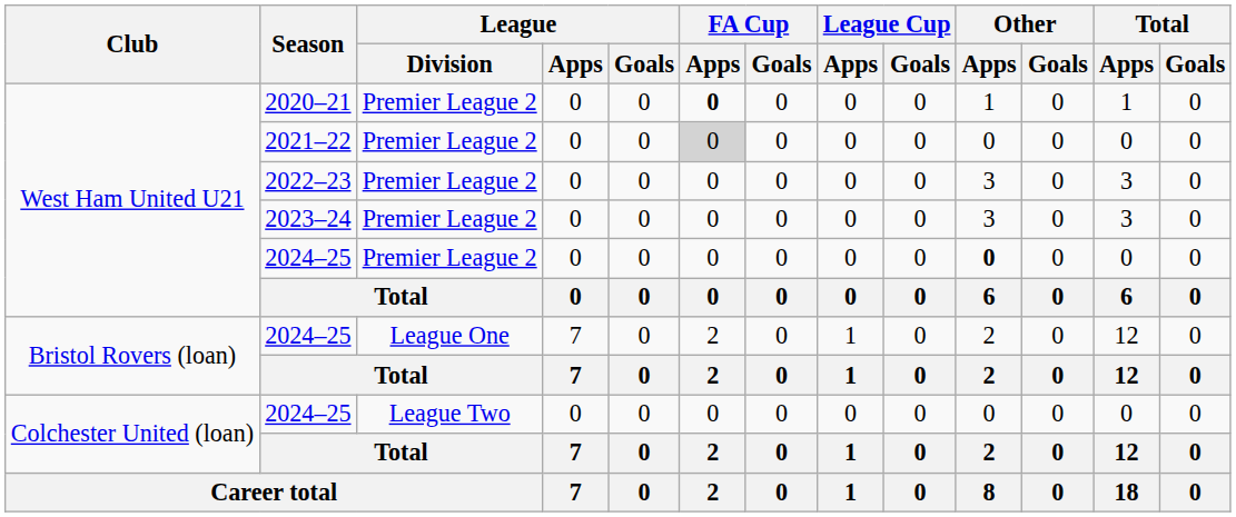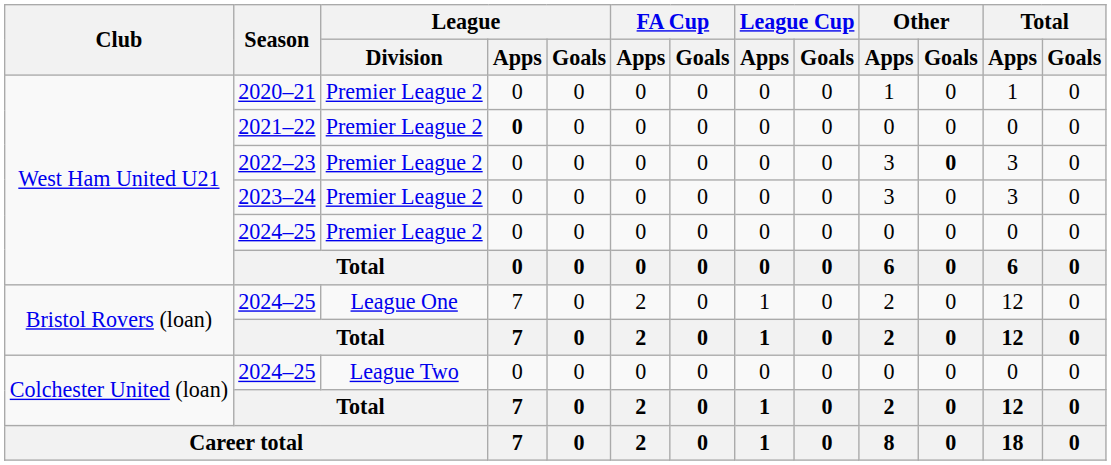 <table class="wikitable" style="text-align: center">
 <tr>
 <th rowspan="2">Club</th>
 <th rowspan="2">Season</th>
 <th colspan="3">League</th>
 <th colspan="2"><a href='#'>FA Cup</a></th>
 <th colspan="2"><a href='#'>League Cup</a></th>
 <th colspan="2">Other</th>
 <th colspan="2">Total</th>
 </tr>
 <tr>
 <th>Division</th>
 <th>Apps</th>
 <th>Goals</th>
 <th>Apps</th>
 <th>Goals</th>
 <th>Apps</th>
 <th>Goals</th>
 <th>Apps</th>
 <th>Goals</th>
 <th>Apps</th>
 <th>Goals</th>
 </tr>
 <tr>
 <td rowspan="6"><a href='#'>West Ham United U21</a></td>
 <td><a href='#'>2020–21</a></td>
 <td><a href='#'>Premier League 2</a></td>
 <td>0</td>
 <td>0</td>
-<td><strong>0</strong></td>
+<td>0</td>
 <td>0</td>
 <td>0</td>
 <td>0</td>
 <td>1</td>
 <td>0</td>
 <td>1</td>
 <td>0</td>
 </tr>
 <tr>
 <td><a href='#'>2021–22</a></td>
 <td><a href='#'>Premier League 2</a></td>
+<td><strong>0</strong></td>
 <td>0</td>
 <td>0</td>
-<td style="background: lightgrey;">0</td>
 <td>0</td>
 <td>0</td>
 <td>0</td>
 <td>0</td>
 <td>0</td>
 <td>0</td>
 <td>0</td>
 </tr>
 <tr>
 <td><a href='#'>2022–23</a></td>
 <td><a href='#'>Premier League 2</a></td>
 <td>0</td>
 <td>0</td>
 <td>0</td>
 <td>0</td>
 <td>0</td>
 <td>0</td>
 <td>3</td>
-<td>0</td>
+<td><strong>0</strong></td>
 <td>3</td>
 <td>0</td>
 </tr>
 <tr>
 <td><a href='#'>2023–24</a></td>
 <td><a href='#'>Premier League 2</a></td>
 <td>0</td>
 <td>0</td>
 <td>0</td>
 <td>0</td>
 <td>0</td>
 <td>0</td>
 <td>3</td>
 <td>0</td>
 <td>3</td>
 <td>0</td>
 </tr>
 <tr>
 <td><a href='#'>2024–25</a></td>
 <td><a href='#'>Premier League 2</a></td>
 <td>0</td>
 <td>0</td>
 <td>0</td>
 <td>0</td>
 <td>0</td>
 <td>0</td>
-<td><strong>0</strong></td>
+<td>0</td>
 <td>0</td>
 <td>0</td>
 <td>0</td>
 </tr>
 <tr>
 <th colspan=2>Total</th>
 <th>0</th>
 <th>0</th>
 <th>0</th>
 <th>0</th>
 <th>0</th>
 <th>0</th>
 <th>6</th>
 <th>0</th>
 <th>6</th>
 <th>0</th>
 </tr>
 <tr>
 <td rowspan=2><a href='#'>Bristol Rovers</a> (loan)</td>
 <td><a href='#'>2024–25</a></td>
 <td><a href='#'>League One</a></td>
 <td>7</td>
 <td>0</td>
 <td>2</td>
 <td>0</td>
 <td>1</td>
 <td>0</td>
 <td>2</td>
 <td>0</td>
 <td>12</td>
 <td>0</td>
 </tr>
 <tr>
 <th colspan=2>Total</th>
 <th>7</th>
 <th>0</th>
 <th>2</th>
 <th>0</th>
 <th>1</th>
 <th>0</th>
 <th>2</th>
 <th>0</th>
 <th>12</th>
 <th>0</th>
 </tr>
 <tr>
 <td rowspan=2><a href='#'>Colchester United</a> (loan)</td>
 <td><a href='#'>2024–25</a></td>
 <td><a href='#'>League Two</a></td>
 <td>0</td>
 <td>0</td>
 <td>0</td>
 <td>0</td>
 <td>0</td>
 <td>0</td>
 <td>0</td>
 <td>0</td>
 <td>0</td>
 <td>0</td>
 </tr>
 <tr>
 <th colspan=2>Total</th>
 <th>7</th>
 <th>0</th>
 <th>2</th>
 <th>0</th>
 <th>1</th>
 <th>0</th>
 <th>2</th>
 <th>0</th>
 <th>12</th>
 <th>0</th>
 </tr>
 <tr>
 <th colspan="3">Career total</th>
 <th>7</th>
 <th>0</th>
 <th>2</th>
 <th>0</th>
 <th>1</th>
 <th>0</th>
 <th>8</th>
 <th>0</th>
 <th>18</th>
 <th>0</th>
 </tr>
 </table>
